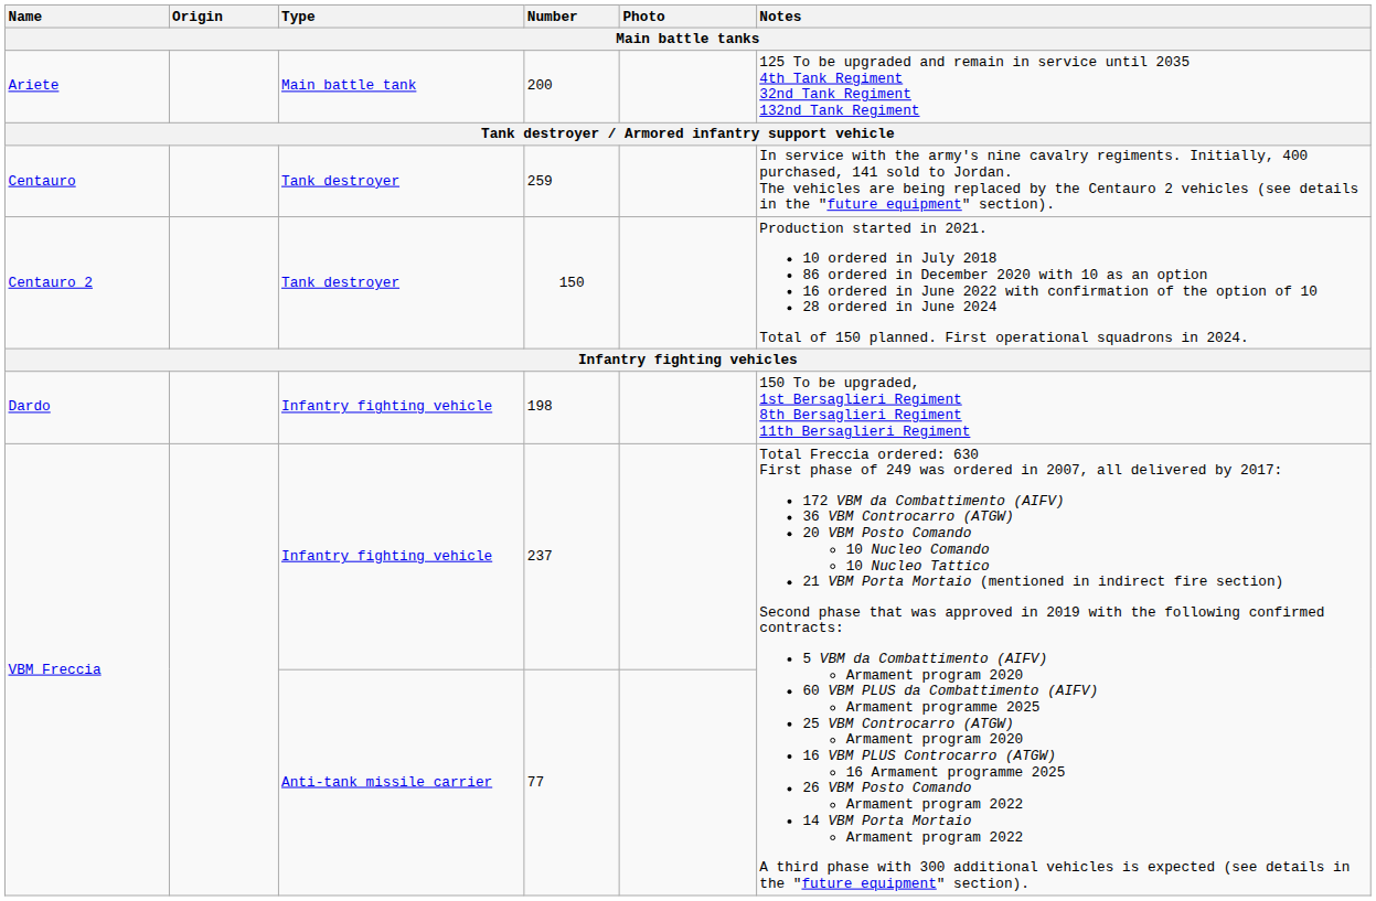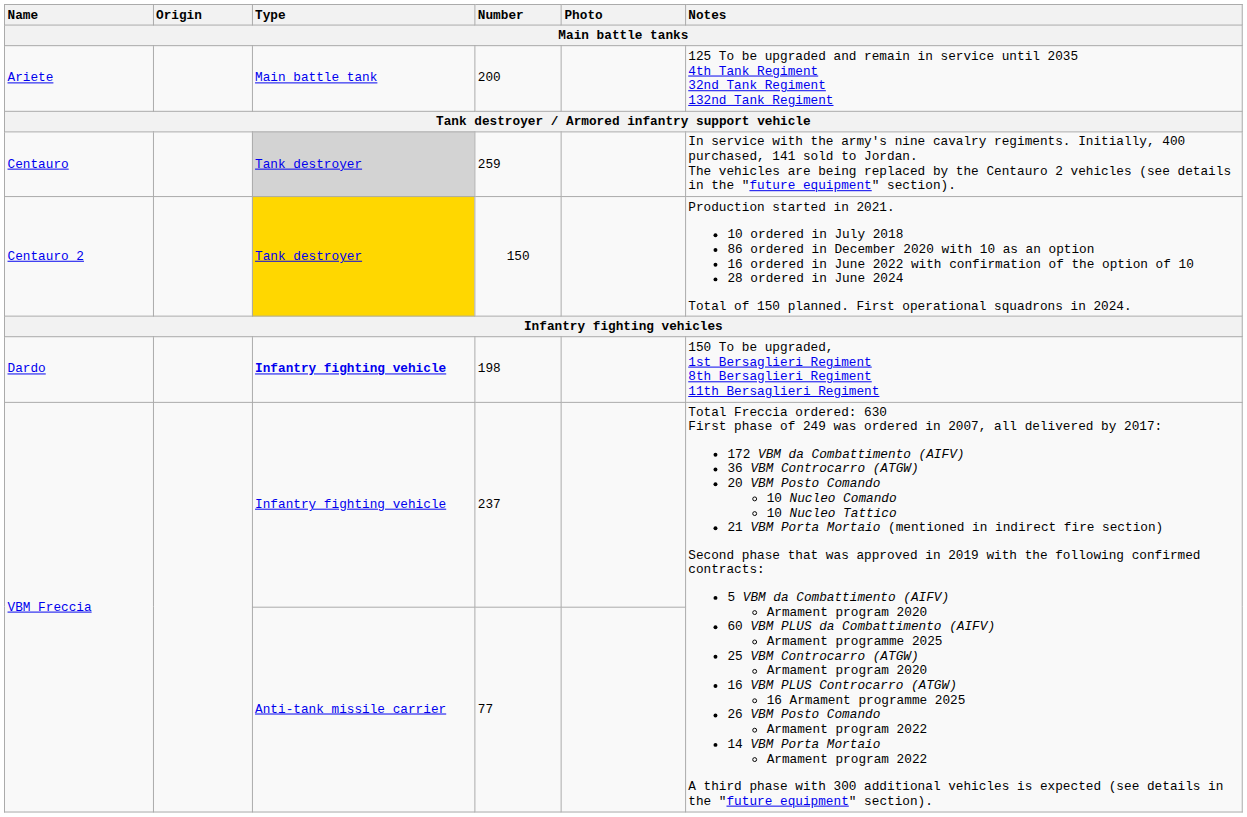 <table class="wikitable" style="margin:auto; width:100%;">
 <tr>
 <th style="text-align: left; width:12%;">Name</th>
 <th style="text-align: left; width:8%;">Origin</th>
 <th style="text-align: left; width:18%;">Type</th>
 <th style="text-align: left; width:7%;">Number</th>
 <th style="text-align: left; width:10%; ">Photo</th>
 <th style="text-align: left; width:45%;">Notes</th>
 </tr>
 <tr>
 <th colspan="6">Main battle tanks</th>
 </tr>
 <tr>
 <td><a href='#'>Ariete</a></td>
 <td></td>
 <td><a href='#'>Main battle tank</a></td>
 <td>200</td>
 <td></td>
 <td>125 To be upgraded and remain in service until 2035<br><a href='#'>4th Tank Regiment</a><br><a href='#'>32nd Tank Regiment</a><br><a href='#'>132nd Tank Regiment</a></td>
 </tr>
 <tr>
 <th colspan="6">Tank destroyer /  Armored infantry support vehicle</th>
 </tr>
 <tr>
 <td><a href='#'>Centauro</a></td>
 <td></td>
-<td><a href='#'>Tank destroyer</a></td>
+<td style="background: lightgrey;"><a href='#'>Tank destroyer</a></td>
 <td>259</td>
 <td></td>
 <td>In service with the army's nine cavalry regiments. Initially, 400 purchased, 141 sold to Jordan.<br>The vehicles are being replaced by the Centauro 2 vehicles (see details in the "<a href='#'>future equipment</a>" section).</td>
 </tr>
 <tr>
 <td><a href='#'>Centauro 2</a></td>
 <td></td>
-<td><a href='#'>Tank destroyer</a></td>
+<td style="background: gold;"><a href='#'>Tank destroyer</a></td>
 <td style="text-align: center;">150</td>
 <td></td>
 <td>Production started in 2021.<br><ul><li>10 ordered in July 2018</li><li>86 ordered in December 2020 with 10 as an option</li><li>16 ordered in June 2022 with confirmation of the option of 10</li><li>28 ordered in June 2024</li></ul>Total of 150 planned. First operational squadrons in 2024.</td>
 </tr>
 <tr>
 <th colspan="6">Infantry fighting vehicles</th>
 </tr>
 <tr>
 <td><a href='#'>Dardo</a></td>
 <td></td>
-<td><a href='#'>Infantry fighting vehicle</a></td>
+<td><strong><a href='#'>Infantry fighting vehicle</a></strong></td>
 <td>198</td>
 <td></td>
 <td>150 To be upgraded,<br><a href='#'>1st Bersaglieri Regiment</a><br><a href='#'>8th Bersaglieri Regiment</a><br><a href='#'>11th Bersaglieri Regiment</a></td>
 </tr>
 <tr>
 <td rowspan="2"><a href='#'>VBM Freccia</a></td>
 <td rowspan="2"></td>
 <td><a href='#'>Infantry fighting vehicle</a></td>
 <td>237</td>
 <td></td>
 <td rowspan="2">Total Freccia ordered: 630<br>First phase of 249 was ordered in 2007, all delivered by 2017:<ul><li>172 <em>VBM da Combattimento (AIFV)</em></li><li>36 <em>VBM Controcarro (ATGW)</em></li><li>20 <em>VBM Posto Comando</em><ul><li>10 <em>Nucleo Comando</em></li><li>10 <em>Nucleo Tattico</em></li></ul></li><li>21 <em>VBM Porta Mortaio</em> (mentioned in indirect fire section)</li></ul>Second phase that was approved in 2019 with the following confirmed contracts:<ul><li>5 <em>VBM da Combattimento (AIFV)</em><ul><li>Armament program 2020<strong></strong></li></ul></li><li>60 <em>VBM PLUS da Combattimento (AIFV)</em><ul><li>Armament programme 2025</li></ul></li><li>25 <em>VBM Controcarro (ATGW)</em><ul><li>Armament program 2020<strong></strong></li></ul></li><li>16 <em>VBM PLUS Controcarro (ATGW)</em><ul><li>16 Armament programme 2025</li></ul></li><li>26 <em>VBM Posto Comando</em><ul><li>Armament program 2022 </li></ul></li><li>14 <em>VBM Porta Mortaio</em><ul><li>Armament program 2022 </li></ul></li></ul>A third phase with 300 additional vehicles is expected (see details in the "<a href='#'>future equipment</a>" section).</td>
 </tr>
 <tr>
 <td><a href='#'>Anti-tank missile carrier</a></td>
 <td>77</td>
 <td></td>
 </tr>
 </table>
